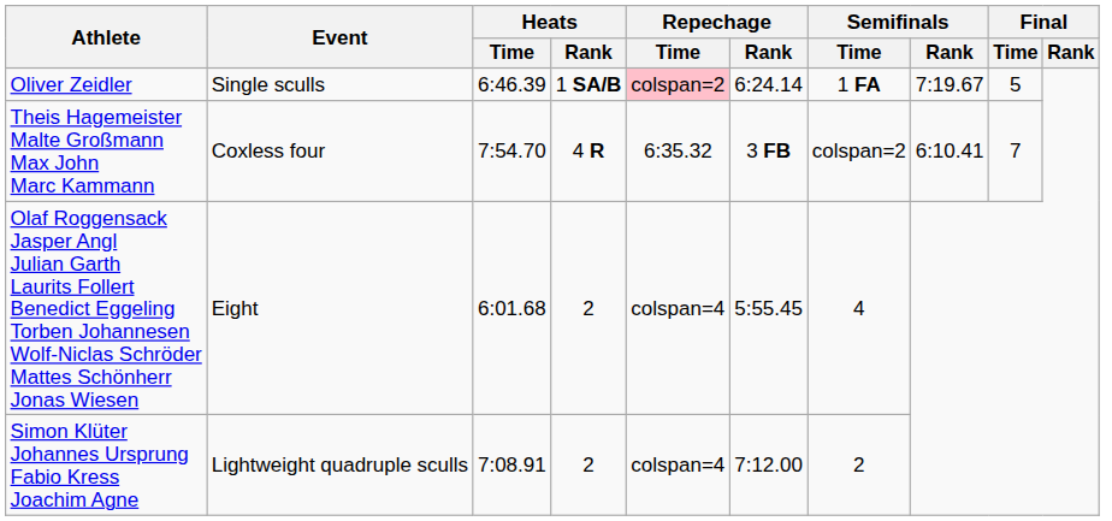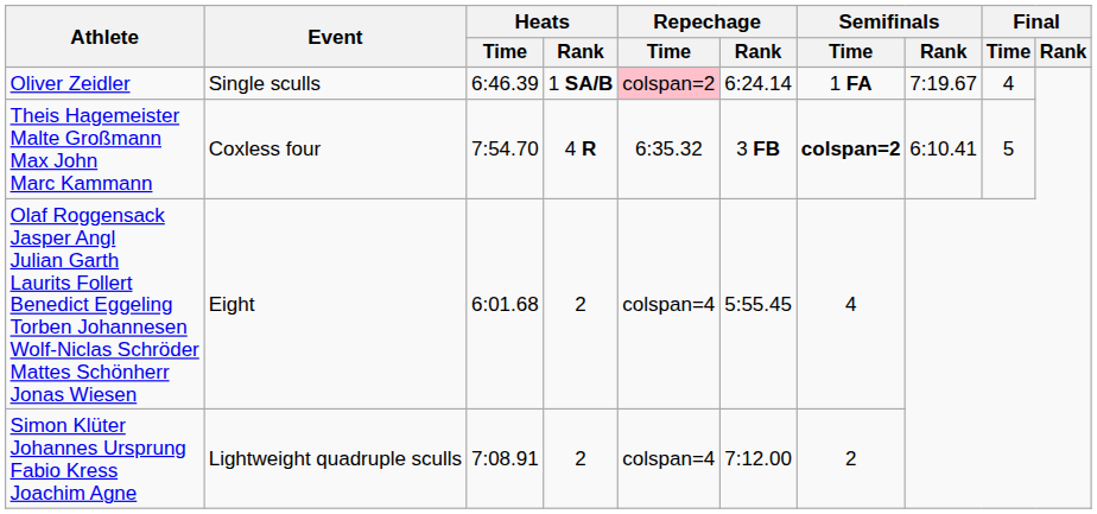 <table class="wikitable" style="font-size:90%">
 <tr>
 <th rowspan="2">Athlete</th>
 <th rowspan="2">Event</th>
 <th colspan="2">Heats</th>
 <th colspan="2">Repechage</th>
 <th colspan="2">Semifinals</th>
 <th colspan="2">Final</th>
 </tr>
 <tr style="font-size:95%">
 <th>Time</th>
 <th>Rank</th>
 <th>Time</th>
 <th>Rank</th>
 <th>Time</th>
 <th>Rank</th>
 <th>Time</th>
 <th>Rank</th>
 </tr>
 <tr align=center>
 <td align=left><a href='#'>Oliver Zeidler</a></td>
 <td align=left>Single sculls</td>
 <td>6:46.39</td>
 <td>1 <strong>SA/B</strong></td>
 <td style="background: pink;">colspan=2</td>
 <td>6:24.14</td>
 <td>1 <strong>FA</strong></td>
 <td>7:19.67</td>
-<td>5</td>
+<td>4</td>
 </tr>
 <tr align=center>
 <td align=left><a href='#'>Theis Hagemeister</a><br><a href='#'>Malte Großmann</a><br><a href='#'>Max John</a><br><a href='#'>Marc Kammann</a></td>
 <td align=left>Coxless four</td>
 <td>7:54.70</td>
 <td>4 <strong>R</strong></td>
 <td>6:35.32</td>
 <td>3 <strong>FB</strong></td>
-<td>colspan=2</td>
+<td><strong>colspan=2</strong></td>
 <td>6:10.41</td>
-<td>7</td>
+<td>5</td>
 </tr>
 <tr align=center>
 <td align=left><a href='#'>Olaf Roggensack</a><br><a href='#'>Jasper Angl</a><br><a href='#'>Julian Garth</a><br><a href='#'>Laurits Follert</a><br><a href='#'>Benedict Eggeling</a><br><a href='#'>Torben Johannesen</a><br><a href='#'>Wolf-Niclas Schröder</a><br><a href='#'>Mattes Schönherr</a><br><a href='#'>Jonas Wiesen</a></td>
 <td align=left>Eight</td>
 <td>6:01.68</td>
 <td>2</td>
 <td>colspan=4</td>
 <td>5:55.45</td>
 <td>4</td>
 </tr>
 <tr align=center>
 <td align=left><a href='#'>Simon Klüter</a><br><a href='#'>Johannes Ursprung</a><br><a href='#'>Fabio Kress</a><br><a href='#'>Joachim Agne</a></td>
 <td align=left>Lightweight quadruple sculls</td>
 <td>7:08.91</td>
 <td>2</td>
 <td>colspan=4</td>
 <td>7:12.00</td>
 <td>2</td>
 </tr>
 </table>
